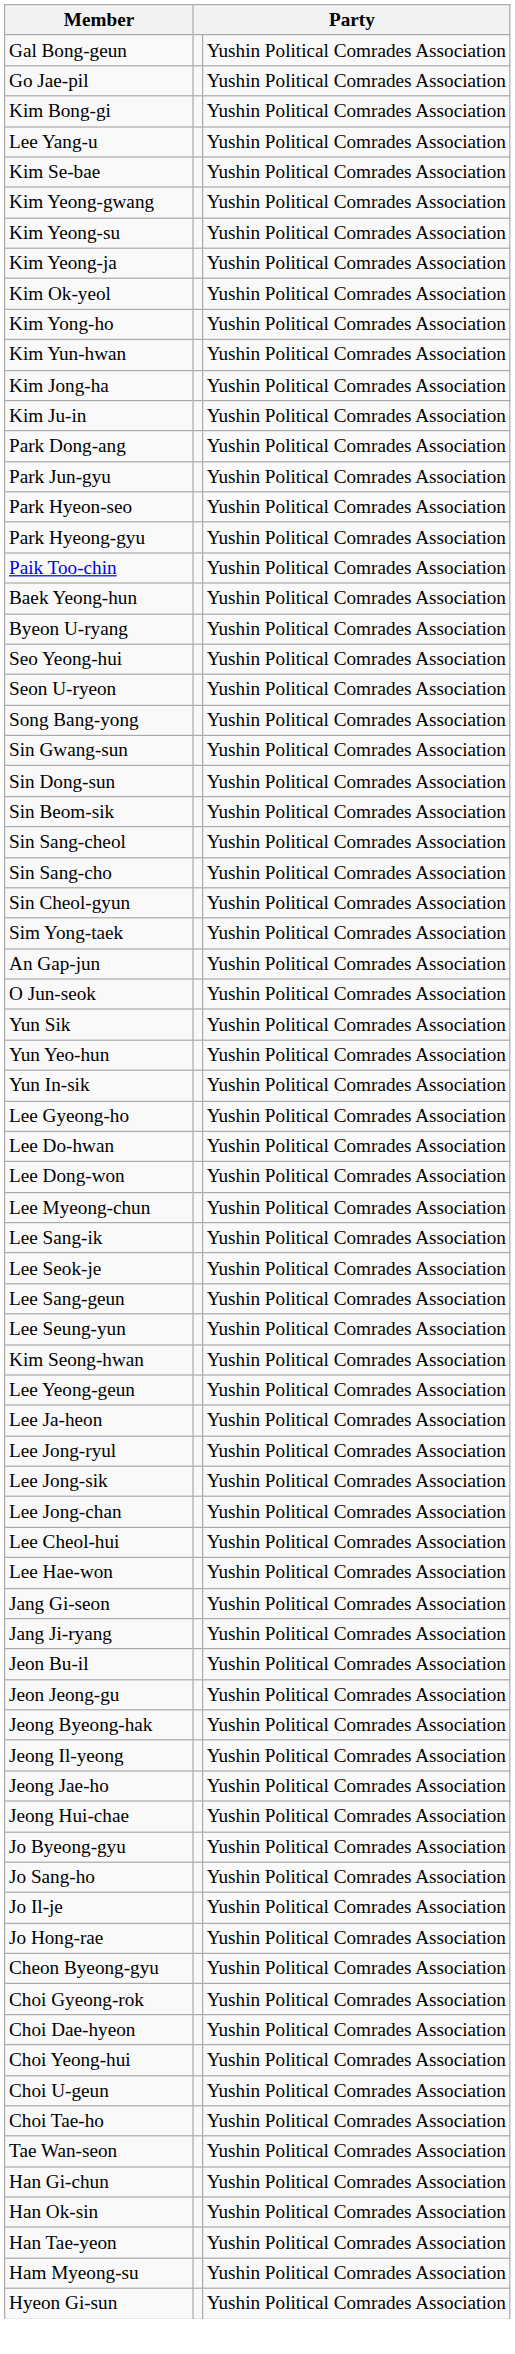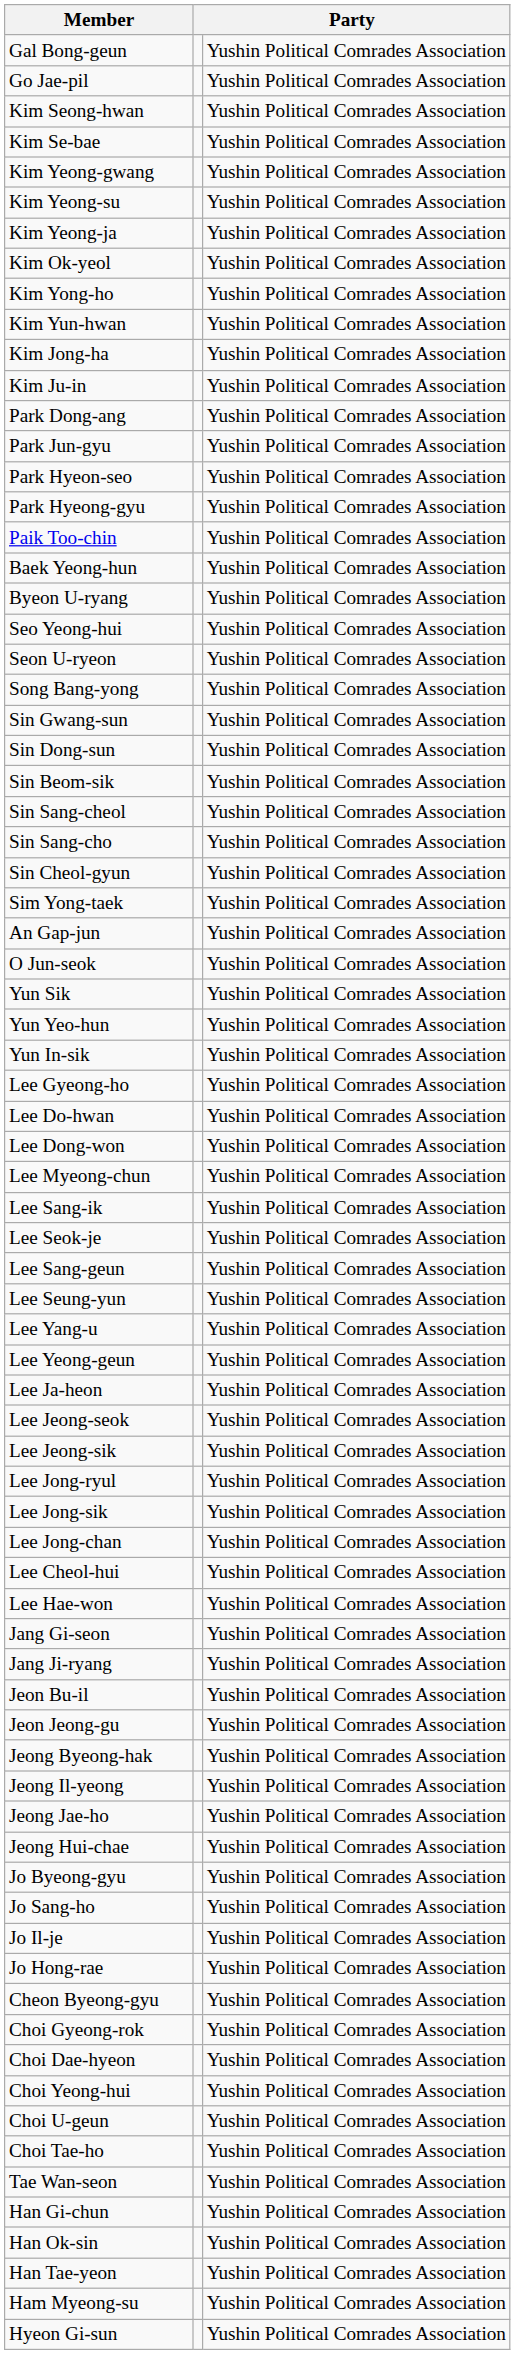 <table class="wikitable sortable plainrowheaders">
 <tr>
 <th width="150px">Member</th>
 <th colspan="2">Party</th>
 </tr>
 <tr>
 <td>Gal Bong-geun</td>
 <td></td>
 <td>Yushin Political Comrades Association</td>
 </tr>
 <tr>
 <td>Go Jae-pil</td>
 <td></td>
 <td>Yushin Political Comrades Association</td>
 </tr>
 <tr>
-<td>Kim Bong-gi</td>
-<td></td>
-<td>Yushin Political Comrades Association</td>
-</tr>
-<tr>
-<td>Lee Yang-u</td>
+<td>Kim Seong-hwan</td>
 <td></td>
 <td>Yushin Political Comrades Association</td>
 </tr>
 <tr>
 <td>Kim Se-bae</td>
 <td></td>
 <td>Yushin Political Comrades Association</td>
 </tr>
 <tr>
 <td>Kim Yeong-gwang</td>
 <td></td>
 <td>Yushin Political Comrades Association</td>
 </tr>
 <tr>
 <td>Kim Yeong-su</td>
 <td></td>
 <td>Yushin Political Comrades Association</td>
 </tr>
 <tr>
 <td>Kim Yeong-ja</td>
 <td></td>
 <td>Yushin Political Comrades Association</td>
 </tr>
 <tr>
 <td>Kim Ok-yeol</td>
 <td></td>
 <td>Yushin Political Comrades Association</td>
 </tr>
 <tr>
 <td>Kim Yong-ho</td>
 <td></td>
 <td>Yushin Political Comrades Association</td>
 </tr>
 <tr>
 <td>Kim Yun-hwan</td>
 <td></td>
 <td>Yushin Political Comrades Association</td>
 </tr>
 <tr>
 <td>Kim Jong-ha</td>
 <td></td>
 <td>Yushin Political Comrades Association</td>
 </tr>
 <tr>
 <td>Kim Ju-in</td>
 <td></td>
 <td>Yushin Political Comrades Association</td>
 </tr>
 <tr>
 <td>Park Dong-ang</td>
 <td></td>
 <td>Yushin Political Comrades Association</td>
 </tr>
 <tr>
 <td>Park Jun-gyu</td>
 <td></td>
 <td>Yushin Political Comrades Association</td>
 </tr>
 <tr>
 <td>Park Hyeon-seo</td>
 <td></td>
 <td>Yushin Political Comrades Association</td>
 </tr>
 <tr>
 <td>Park Hyeong-gyu</td>
 <td></td>
 <td>Yushin Political Comrades Association</td>
 </tr>
 <tr>
 <td><a href='#'>Paik Too-chin</a></td>
 <td></td>
 <td>Yushin Political Comrades Association</td>
 </tr>
 <tr>
 <td>Baek Yeong-hun</td>
 <td></td>
 <td>Yushin Political Comrades Association</td>
 </tr>
 <tr>
 <td>Byeon U-ryang</td>
 <td></td>
 <td>Yushin Political Comrades Association</td>
 </tr>
 <tr>
 <td>Seo Yeong-hui</td>
 <td></td>
 <td>Yushin Political Comrades Association</td>
 </tr>
 <tr>
 <td>Seon U-ryeon</td>
 <td></td>
 <td>Yushin Political Comrades Association</td>
 </tr>
 <tr>
 <td>Song Bang-yong</td>
 <td></td>
 <td>Yushin Political Comrades Association</td>
 </tr>
 <tr>
 <td>Sin Gwang-sun</td>
 <td></td>
 <td>Yushin Political Comrades Association</td>
 </tr>
 <tr>
 <td>Sin Dong-sun</td>
 <td></td>
 <td>Yushin Political Comrades Association</td>
 </tr>
 <tr>
 <td>Sin Beom-sik</td>
 <td></td>
 <td>Yushin Political Comrades Association</td>
 </tr>
 <tr>
 <td>Sin Sang-cheol</td>
 <td></td>
 <td>Yushin Political Comrades Association</td>
 </tr>
 <tr>
 <td>Sin Sang-cho</td>
 <td></td>
 <td>Yushin Political Comrades Association</td>
 </tr>
 <tr>
 <td>Sin Cheol-gyun</td>
 <td></td>
 <td>Yushin Political Comrades Association</td>
 </tr>
 <tr>
 <td>Sim Yong-taek</td>
 <td></td>
 <td>Yushin Political Comrades Association</td>
 </tr>
 <tr>
 <td>An Gap-jun</td>
 <td></td>
 <td>Yushin Political Comrades Association</td>
 </tr>
 <tr>
 <td>O Jun-seok</td>
 <td></td>
 <td>Yushin Political Comrades Association</td>
 </tr>
 <tr>
 <td>Yun Sik</td>
 <td></td>
 <td>Yushin Political Comrades Association</td>
 </tr>
 <tr>
 <td>Yun Yeo-hun</td>
 <td></td>
 <td>Yushin Political Comrades Association</td>
 </tr>
 <tr>
 <td>Yun In-sik</td>
 <td></td>
 <td>Yushin Political Comrades Association</td>
 </tr>
 <tr>
 <td>Lee Gyeong-ho</td>
 <td></td>
 <td>Yushin Political Comrades Association</td>
 </tr>
 <tr>
 <td>Lee Do-hwan</td>
 <td></td>
 <td>Yushin Political Comrades Association</td>
 </tr>
 <tr>
 <td>Lee Dong-won</td>
 <td></td>
 <td>Yushin Political Comrades Association</td>
 </tr>
 <tr>
 <td>Lee Myeong-chun</td>
 <td></td>
 <td>Yushin Political Comrades Association</td>
 </tr>
 <tr>
 <td>Lee Sang-ik</td>
 <td></td>
 <td>Yushin Political Comrades Association</td>
 </tr>
 <tr>
 <td>Lee Seok-je</td>
 <td></td>
 <td>Yushin Political Comrades Association</td>
 </tr>
 <tr>
 <td>Lee Sang-geun</td>
 <td></td>
 <td>Yushin Political Comrades Association</td>
 </tr>
 <tr>
 <td>Lee Seung-yun</td>
 <td></td>
 <td>Yushin Political Comrades Association</td>
 </tr>
 <tr>
-<td>Kim Seong-hwan</td>
+<td>Lee Yang-u</td>
 <td></td>
 <td>Yushin Political Comrades Association</td>
 </tr>
 <tr>
 <td>Lee Yeong-geun</td>
 <td></td>
 <td>Yushin Political Comrades Association</td>
 </tr>
 <tr>
 <td>Lee Ja-heon</td>
+<td></td>
+<td>Yushin Political Comrades Association</td>
+</tr>
+<tr>
+<td>Lee Jeong-seok</td>
+<td></td>
+<td>Yushin Political Comrades Association</td>
+</tr>
+<tr>
+<td>Lee Jeong-sik</td>
 <td></td>
 <td>Yushin Political Comrades Association</td>
 </tr>
 <tr>
 <td>Lee Jong-ryul</td>
 <td></td>
 <td>Yushin Political Comrades Association</td>
 </tr>
 <tr>
 <td>Lee Jong-sik</td>
 <td></td>
 <td>Yushin Political Comrades Association</td>
 </tr>
 <tr>
 <td>Lee Jong-chan</td>
 <td></td>
 <td>Yushin Political Comrades Association</td>
 </tr>
 <tr>
 <td>Lee Cheol-hui</td>
 <td></td>
 <td>Yushin Political Comrades Association</td>
 </tr>
 <tr>
 <td>Lee Hae-won</td>
 <td></td>
 <td>Yushin Political Comrades Association</td>
 </tr>
 <tr>
 <td>Jang Gi-seon</td>
 <td></td>
 <td>Yushin Political Comrades Association</td>
 </tr>
 <tr>
 <td>Jang Ji-ryang</td>
 <td></td>
 <td>Yushin Political Comrades Association</td>
 </tr>
 <tr>
 <td>Jeon Bu-il</td>
 <td></td>
 <td>Yushin Political Comrades Association</td>
 </tr>
 <tr>
 <td>Jeon Jeong-gu</td>
 <td></td>
 <td>Yushin Political Comrades Association</td>
 </tr>
 <tr>
 <td>Jeong Byeong-hak</td>
 <td></td>
 <td>Yushin Political Comrades Association</td>
 </tr>
 <tr>
 <td>Jeong Il-yeong</td>
 <td></td>
 <td>Yushin Political Comrades Association</td>
 </tr>
 <tr>
 <td>Jeong Jae-ho</td>
 <td></td>
 <td>Yushin Political Comrades Association</td>
 </tr>
 <tr>
 <td>Jeong Hui-chae</td>
 <td></td>
 <td>Yushin Political Comrades Association</td>
 </tr>
 <tr>
 <td>Jo Byeong-gyu</td>
 <td></td>
 <td>Yushin Political Comrades Association</td>
 </tr>
 <tr>
 <td>Jo Sang-ho</td>
 <td></td>
 <td>Yushin Political Comrades Association</td>
 </tr>
 <tr>
 <td>Jo Il-je</td>
 <td></td>
 <td>Yushin Political Comrades Association</td>
 </tr>
 <tr>
 <td>Jo Hong-rae</td>
 <td></td>
 <td>Yushin Political Comrades Association</td>
 </tr>
 <tr>
 <td>Cheon Byeong-gyu</td>
 <td></td>
 <td>Yushin Political Comrades Association</td>
 </tr>
 <tr>
 <td>Choi Gyeong-rok</td>
 <td></td>
 <td>Yushin Political Comrades Association</td>
 </tr>
 <tr>
 <td>Choi Dae-hyeon</td>
 <td></td>
 <td>Yushin Political Comrades Association</td>
 </tr>
 <tr>
 <td>Choi Yeong-hui</td>
 <td></td>
 <td>Yushin Political Comrades Association</td>
 </tr>
 <tr>
 <td>Choi U-geun</td>
 <td></td>
 <td>Yushin Political Comrades Association</td>
 </tr>
 <tr>
 <td>Choi Tae-ho</td>
 <td></td>
 <td>Yushin Political Comrades Association</td>
 </tr>
 <tr>
 <td>Tae Wan-seon</td>
 <td></td>
 <td>Yushin Political Comrades Association</td>
 </tr>
 <tr>
 <td>Han Gi-chun</td>
 <td></td>
 <td>Yushin Political Comrades Association</td>
 </tr>
 <tr>
 <td>Han Ok-sin</td>
 <td></td>
 <td>Yushin Political Comrades Association</td>
 </tr>
 <tr>
 <td>Han Tae-yeon</td>
 <td></td>
 <td>Yushin Political Comrades Association</td>
 </tr>
 <tr>
 <td>Ham Myeong-su</td>
 <td></td>
 <td>Yushin Political Comrades Association</td>
 </tr>
 <tr>
 <td>Hyeon Gi-sun</td>
 <td></td>
 <td>Yushin Political Comrades Association</td>
 </tr>
 </table>
